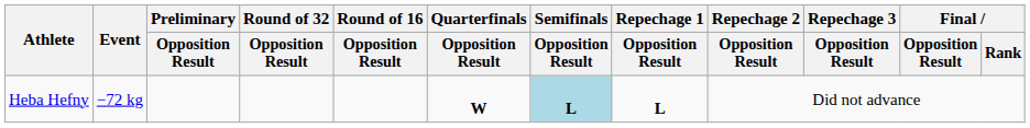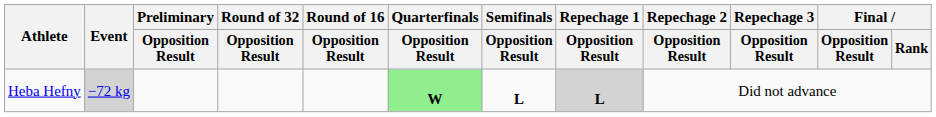 <table class="wikitable" style="font-size:90%">
 <tr>
 <th rowspan="2">Athlete</th>
 <th rowspan="2">Event</th>
 <th>Preliminary</th>
 <th>Round of 32</th>
 <th>Round of 16</th>
 <th>Quarterfinals</th>
 <th>Semifinals</th>
 <th>Repechage 1</th>
 <th>Repechage 2</th>
 <th>Repechage 3</th>
 <th colspan=2>Final / </th>
 </tr>
 <tr style="font-size:95%">
 <th>Opposition<br>Result</th>
 <th>Opposition<br>Result</th>
 <th>Opposition<br>Result</th>
 <th>Opposition<br>Result</th>
 <th>Opposition<br>Result</th>
 <th>Opposition<br>Result</th>
 <th>Opposition<br>Result</th>
 <th>Opposition<br>Result</th>
 <th>Opposition<br>Result</th>
 <th>Rank</th>
 </tr>
 <tr align=center>
 <td align=left><a href='#'>Heba Hefny</a></td>
-<td align=left><a href='#'>−72 kg</a></td>
+<td align=left style="background: lightgrey;"><a href='#'>−72 kg</a></td>
 <td></td>
 <td></td>
 <td></td>
-<td><br><strong>W</strong></td>
-<td style="background: lightblue;"><br><strong>L</strong></td>
+<td style="background: lightgreen;"><br><strong>W</strong></td>
 <td><br><strong>L</strong></td>
+<td style="background: lightgrey;"><br><strong>L</strong></td>
 <td colspan=5>Did not advance</td>
 </tr>
 </table>
